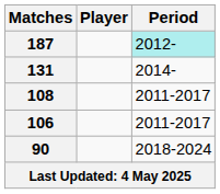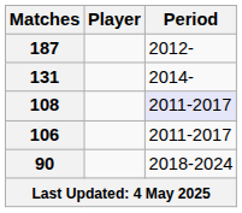 <table class="wikitable sortable" style="text-align:left;font-size:96%;">
 <tr>
 <th>Matches</th>
 <th>Player</th>
 <th>Period</th>
 </tr>
 <tr>
 <th scope=row style=text-align:center;>187</th>
 <td></td>
-<td style="background: paleturquoise;">2012-</td>
+<td>2012-</td>
 </tr>
 <tr>
 <th scope=row style=text-align:center;>131</th>
 <td></td>
 <td>2014-</td>
 </tr>
 <tr>
 <th scope=row style=text-align:center;>108</th>
 <td></td>
-<td>2011-2017</td>
+<td style="background: lavender;">2011-2017</td>
 </tr>
 <tr>
 <th scope=row style=text-align:center;>106</th>
 <td></td>
 <td>2011-2017</td>
 </tr>
 <tr>
 <th scope=row style=text-align:center;>90</th>
 <td></td>
 <td>2018-2024</td>
 </tr>
 <tr class=sortbottom>
 <th colspan=4><small>Last Updated: 4 May 2025</small></th>
 </tr>
 </table>
